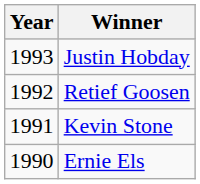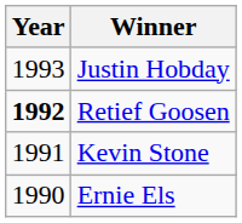 <table class=wikitable>
 <tr>
 <th>Year</th>
 <th>Winner</th>
 </tr>
 <tr>
 <td>1993</td>
 <td> <a href='#'>Justin Hobday</a></td>
 </tr>
 <tr>
-<td>1992</td>
+<td><strong>1992</strong></td>
 <td> <a href='#'>Retief Goosen</a></td>
 </tr>
 <tr>
 <td>1991</td>
 <td> <a href='#'>Kevin Stone</a></td>
 </tr>
 <tr>
 <td>1990</td>
 <td> <a href='#'>Ernie Els</a></td>
 </tr>
 </table>
